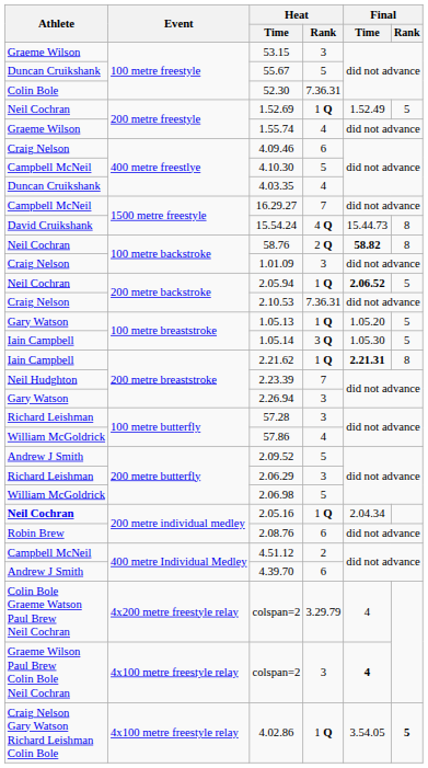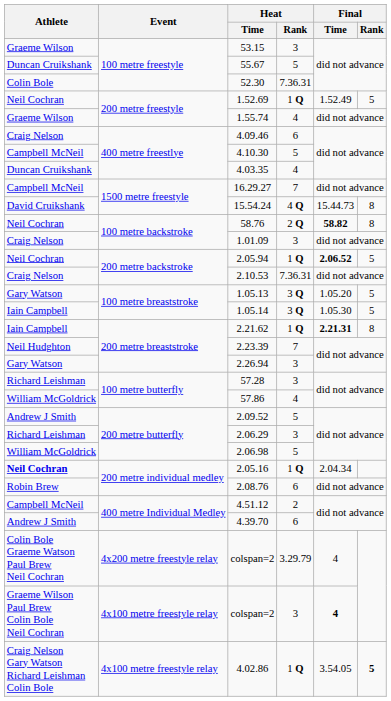 <table class=wikitable style=font-size:90%>
 <tr>
 <th rowspan=2>Athlete</th>
 <th rowspan=2>Event</th>
 <th colspan=2>Heat</th>
 <th colspan=2>Final</th>
 </tr>
 <tr style=font-size:95%>
 <th>Time</th>
 <th>Rank</th>
 <th>Time</th>
 <th>Rank</th>
 </tr>
 <tr align=center>
 <td align=left><a href='#'>Graeme Wilson</a></td>
 <td align=left rowspan=3><a href='#'>100 metre freestyle</a></td>
 <td>53.15</td>
 <td>3</td>
 <td colspan=2 rowspan=3>did not advance</td>
 </tr>
 <tr align=center>
 <td align=left><a href='#'>Duncan Cruikshank</a></td>
 <td>55.67</td>
 <td>5</td>
 </tr>
 <tr align=center>
 <td align=left><a href='#'>Colin Bole</a></td>
 <td>52.30</td>
 <td>7.36.31</td>
 </tr>
 <tr align=center>
 <td align=left><a href='#'>Neil Cochran</a></td>
 <td align=left rowspan=2><a href='#'>200 metre freestyle</a></td>
 <td>1.52.69</td>
 <td>1 <strong>Q</strong></td>
 <td>1.52.49</td>
 <td>5</td>
 </tr>
 <tr align=center>
 <td align=left><a href='#'>Graeme Wilson</a></td>
 <td>1.55.74</td>
 <td>4</td>
 <td colspan=2>did not advance</td>
 </tr>
 <tr align=center>
 <td align=left><a href='#'>Craig Nelson</a></td>
 <td align=left rowspan=3><a href='#'>400 metre freestlye</a></td>
 <td>4.09.46</td>
 <td>6</td>
 <td colspan=2 rowspan=3>did not advance</td>
 </tr>
 <tr align=center>
 <td align=left><a href='#'>Campbell McNeil</a></td>
 <td>4.10.30</td>
 <td>5</td>
 </tr>
 <tr align=center>
 <td align=left><a href='#'>Duncan Cruikshank</a></td>
 <td>4.03.35</td>
 <td>4</td>
 </tr>
 <tr align=center>
 <td align=left><a href='#'>Campbell McNeil</a></td>
 <td align=left rowspan=2><a href='#'>1500 metre freestyle</a></td>
 <td>16.29.27</td>
 <td>7</td>
 <td colspan=2>did not advance</td>
 </tr>
 <tr align=center>
 <td align=left><a href='#'>David Cruikshank</a></td>
 <td>15.54.24</td>
 <td>4 <strong>Q</strong></td>
 <td>15.44.73</td>
 <td>8</td>
 </tr>
 <tr align=center>
 <td align=left><a href='#'>Neil Cochran</a></td>
 <td align=left rowspan=2><a href='#'>100 metre backstroke</a></td>
 <td>58.76</td>
 <td>2 <strong>Q</strong></td>
 <td><strong>58.82</strong></td>
 <td>8</td>
 </tr>
 <tr align=center>
 <td align=left><a href='#'>Craig Nelson</a></td>
 <td>1.01.09</td>
 <td>3</td>
 <td colspan=2>did not advance</td>
 </tr>
 <tr align=center>
 <td align=left><a href='#'>Neil Cochran</a></td>
 <td align=left rowspan=2><a href='#'>200 metre backstroke</a></td>
 <td>2.05.94</td>
 <td>1 <strong>Q</strong></td>
 <td><strong>2.06.52</strong></td>
 <td>5</td>
 </tr>
 <tr align=center>
 <td align=left><a href='#'>Craig Nelson</a></td>
 <td>2.10.53</td>
 <td>7.36.31</td>
 <td colspan=2>did not advance</td>
 </tr>
 <tr align=center>
 <td align=left><a href='#'>Gary Watson</a></td>
 <td align=left rowspan=2><a href='#'>100 metre breaststroke</a></td>
 <td>1.05.13</td>
-<td>1 <strong>Q</strong></td>
+<td>3 <strong>Q</strong></td>
 <td>1.05.20</td>
 <td>5</td>
 </tr>
 <tr align=center>
 <td align=left><a href='#'>Iain Campbell</a></td>
 <td>1.05.14</td>
 <td>3 <strong>Q</strong></td>
 <td>1.05.30</td>
 <td>5</td>
 </tr>
 <tr align=center>
 <td align=left><a href='#'>Iain Campbell</a></td>
 <td align=left rowspan=3><a href='#'>200 metre breaststroke</a></td>
 <td>2.21.62</td>
 <td>1 <strong>Q</strong></td>
 <td><strong>2.21.31</strong></td>
 <td>8</td>
 </tr>
 <tr align=center>
 <td align=left><a href='#'>Neil Hudghton</a></td>
 <td>2.23.39</td>
 <td>7</td>
 <td colspan=2 rowspan=2>did not advance</td>
 </tr>
 <tr align=center>
 <td align=left><a href='#'>Gary Watson</a></td>
 <td>2.26.94</td>
 <td>3</td>
 </tr>
 <tr align=center>
 <td align=left><a href='#'>Richard Leishman</a></td>
 <td align=left rowspan=2><a href='#'>100 metre butterfly</a></td>
 <td>57.28</td>
 <td>3</td>
 <td colspan=2 rowspan=2>did not advance</td>
 </tr>
 <tr align=center>
 <td align=left><a href='#'>William McGoldrick</a></td>
 <td>57.86</td>
 <td>4</td>
 </tr>
 <tr align=center>
 <td align=left><a href='#'>Andrew J Smith</a></td>
 <td align=left rowspan=3><a href='#'>200 metre butterfly</a></td>
 <td>2.09.52</td>
 <td>5</td>
 <td colspan=2 rowspan=3>did not advance</td>
 </tr>
 <tr align=center>
 <td align=left><a href='#'>Richard Leishman</a></td>
 <td>2.06.29</td>
 <td>3</td>
 </tr>
 <tr align=center>
 <td align=left><a href='#'>William McGoldrick</a></td>
 <td>2.06.98</td>
 <td>5</td>
 </tr>
 <tr align=center>
 <td align=left><strong><a href='#'>Neil Cochran</a></strong></td>
 <td align=left rowspan=2><a href='#'>200 metre individual medley</a></td>
 <td>2.05.16</td>
 <td>1 <strong>Q</strong></td>
 <td>2.04.34</td>
 <td></td>
 </tr>
 <tr align=center>
 <td align=left><a href='#'>Robin Brew</a></td>
 <td>2.08.76</td>
 <td>6</td>
 <td colspan=2>did not advance</td>
 </tr>
 <tr align=center>
 <td align=left><a href='#'>Campbell McNeil</a></td>
 <td align=left rowspan=2><a href='#'>400 metre Individual Medley</a></td>
 <td>4.51.12</td>
 <td>2</td>
 <td colspan=2 rowspan=2>did not advance</td>
 </tr>
 <tr align=center>
 <td align=left><a href='#'>Andrew J Smith</a></td>
 <td>4.39.70</td>
 <td>6</td>
 </tr>
 <tr align=center>
 <td align=left><a href='#'>Colin Bole</a><br><a href='#'>Graeme Watson</a><br><a href='#'>Paul Brew</a><br><a href='#'>Neil Cochran</a></td>
 <td align=left><a href='#'>4x200 metre freestyle relay</a></td>
 <td>colspan=2 </td>
 <td>3.29.79</td>
 <td>4</td>
 </tr>
 <tr align=center>
 <td align=left><a href='#'>Graeme Wilson</a><br><a href='#'>Paul Brew</a><br><a href='#'>Colin Bole</a><br><a href='#'>Neil Cochran</a></td>
 <td align=left><a href='#'>4x100 metre freestyle relay</a></td>
 <td>colspan=2 </td>
 <td>3</td>
 <td><strong>4</strong></td>
 </tr>
 <tr align=center>
 <td align=left><a href='#'>Craig Nelson</a><br><a href='#'>Gary Watson</a><br><a href='#'>Richard Leishman</a><br><a href='#'>Colin Bole</a></td>
 <td align=left><a href='#'>4x100 metre freestyle relay</a></td>
 <td>4.02.86</td>
 <td>1 <strong>Q</strong></td>
 <td>3.54.05</td>
 <td><strong>5</strong></td>
 </tr>
 </table>
